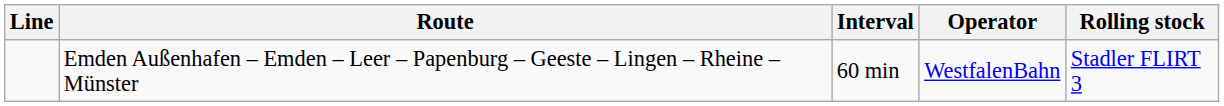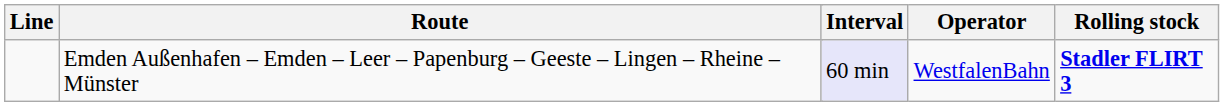 <table class="wikitable">
 <tr>
 <th>Line</th>
 <th colspan="3">Route</th>
 <th>Interval</th>
 <th>Operator</th>
 <th>Rolling stock</th>
 </tr>
 <tr>
 <td></td>
 <td colspan="3">Emden Außenhafen – Emden – Leer – Papenburg – Geeste – Lingen – Rheine – Münster</td>
-<td>60 min</td>
+<td style="background: lavender;">60 min</td>
 <td><a href='#'>WestfalenBahn</a></td>
-<td><a href='#'>Stadler FLIRT 3</a></td>
+<td><strong><a href='#'>Stadler FLIRT 3</a></strong></td>
 </tr>
 </table>
